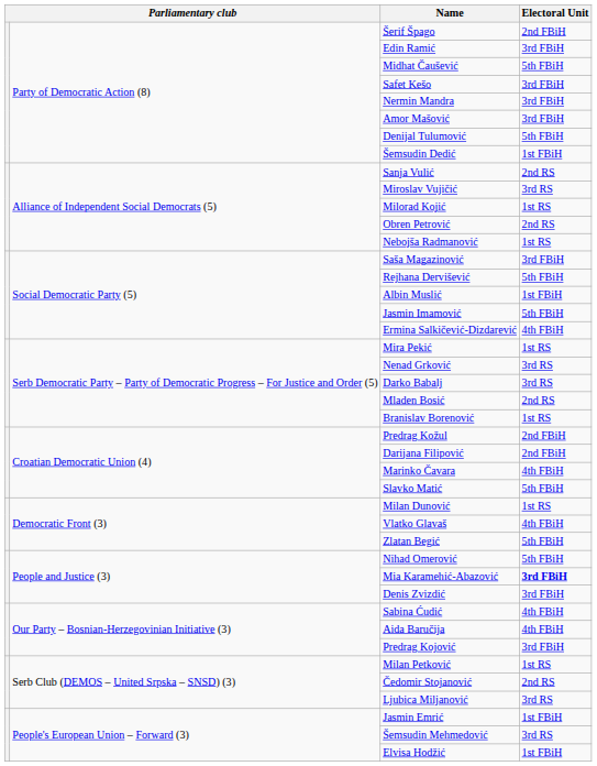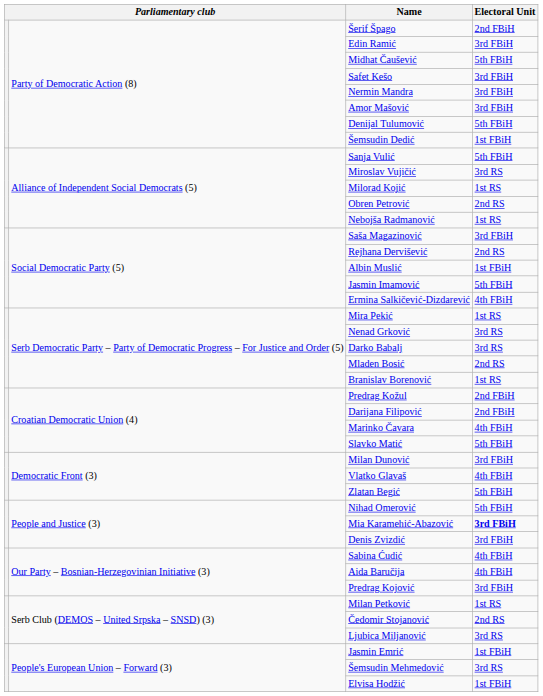 <table class="wikitable">
 <tr>
 <th colspan="2"><em>Parliamentary club</em></th>
 <th>Name</th>
 <th>Electoral Unit</th>
 </tr>
 <tr>
 <th rowspan="8" style="background-color: "></th>
 <td rowspan="8"><a href='#'>Party of Democratic Action</a> (8)</td>
 <td><a href='#'>Šerif Špago</a></td>
 <td><a href='#'>2nd FBiH</a></td>
 </tr>
 <tr>
 <td><a href='#'>Edin Ramić</a></td>
 <td><a href='#'>3rd FBiH</a></td>
 </tr>
 <tr>
 <td><a href='#'>Midhat Čaušević</a></td>
 <td><a href='#'>5th FBiH</a></td>
 </tr>
 <tr>
 <td><a href='#'>Safet Kešo</a></td>
 <td><a href='#'>3rd FBiH</a></td>
 </tr>
 <tr>
 <td><a href='#'>Nermin Mandra</a></td>
 <td><a href='#'>3rd FBiH</a></td>
 </tr>
 <tr>
 <td><a href='#'>Amor Mašović</a></td>
 <td><a href='#'>3rd FBiH</a></td>
 </tr>
 <tr>
 <td><a href='#'>Denijal Tulumović</a></td>
 <td><a href='#'>5th FBiH</a></td>
 </tr>
 <tr>
 <td><a href='#'>Šemsudin Dedić</a></td>
 <td><a href='#'>1st FBiH</a></td>
 </tr>
 <tr>
 <th rowspan="5" style="background-color: "></th>
 <td rowspan="5"><a href='#'>Alliance of Independent Social Democrats</a> (5)</td>
 <td><a href='#'>Sanja Vulić</a></td>
-<td><a href='#'>2nd RS</a></td>
+<td><a href='#'>5th FBiH</a></td>
 </tr>
 <tr>
 <td><a href='#'>Miroslav Vujičić</a></td>
 <td><a href='#'>3rd RS</a></td>
 </tr>
 <tr>
 <td><a href='#'>Milorad Kojić</a></td>
 <td><a href='#'>1st RS</a></td>
 </tr>
 <tr>
 <td><a href='#'>Obren Petrović</a></td>
 <td><a href='#'>2nd RS</a></td>
 </tr>
 <tr>
 <td><a href='#'>Nebojša Radmanović</a></td>
 <td><a href='#'>1st RS</a></td>
 </tr>
 <tr>
 <th rowspan="5" style="background-color: "></th>
 <td rowspan="5"><a href='#'>Social Democratic Party</a> (5)</td>
 <td><a href='#'>Saša Magazinović</a></td>
 <td><a href='#'>3rd FBiH</a></td>
 </tr>
 <tr>
 <td><a href='#'>Rejhana Dervišević</a></td>
-<td><a href='#'>5th FBiH</a></td>
+<td><a href='#'>2nd RS</a></td>
 </tr>
 <tr>
 <td><a href='#'>Albin Muslić</a></td>
 <td><a href='#'>1st FBiH</a></td>
 </tr>
 <tr>
 <td><a href='#'>Jasmin Imamović</a></td>
 <td><a href='#'>5th FBiH</a></td>
 </tr>
 <tr>
 <td><a href='#'>Ermina Salkičević-Dizdarević</a></td>
 <td><a href='#'>4th FBiH</a></td>
 </tr>
 <tr>
 <th rowspan="5" style="background-color: "></th>
 <td rowspan="5"><a href='#'>Serb Democratic Party</a> <em>–</em> <a href='#'>Party of Democratic Progress</a> <em>–</em> <a href='#'>For Justice and Order</a> (5)</td>
 <td><a href='#'>Mira Pekić</a></td>
 <td><a href='#'>1st RS</a></td>
 </tr>
 <tr>
 <td><a href='#'>Nenad Grković</a></td>
 <td><a href='#'>3rd RS</a></td>
 </tr>
 <tr>
 <td><a href='#'>Darko Babalj</a></td>
 <td><a href='#'>3rd RS</a></td>
 </tr>
 <tr>
 <td><a href='#'>Mladen Bosić</a></td>
 <td><a href='#'>2nd RS</a></td>
 </tr>
 <tr>
 <td><a href='#'>Branislav Borenović</a></td>
 <td><a href='#'>1st RS</a></td>
 </tr>
 <tr>
 <th rowspan="4" style="background-color: "></th>
 <td rowspan="4"><a href='#'>Croatian Democratic Union</a> (4)</td>
 <td><a href='#'>Predrag Kožul</a></td>
 <td><a href='#'>2nd FBiH</a></td>
 </tr>
 <tr>
 <td><a href='#'>Darijana Filipović</a></td>
 <td><a href='#'>2nd FBiH</a></td>
 </tr>
 <tr>
 <td><a href='#'>Marinko Čavara</a></td>
 <td><a href='#'>4th FBiH</a></td>
 </tr>
 <tr>
 <td><a href='#'>Slavko Matić</a></td>
 <td><a href='#'>5th FBiH</a></td>
 </tr>
 <tr>
 <th rowspan="3" style="background-color: "></th>
 <td rowspan="3"><a href='#'>Democratic Front</a> (3)</td>
 <td><a href='#'>Milan Dunović</a></td>
-<td><a href='#'>1st RS</a></td>
+<td><a href='#'>3rd FBiH</a></td>
 </tr>
 <tr>
 <td><a href='#'>Vlatko Glavaš</a></td>
 <td><a href='#'>4th FBiH</a></td>
 </tr>
 <tr>
 <td><a href='#'>Zlatan Begić</a></td>
 <td><a href='#'>5th FBiH</a></td>
 </tr>
 <tr>
 <th rowspan="3" style="background-color: "></th>
 <td rowspan="3"><a href='#'>People and Justice</a> (3)</td>
 <td><a href='#'>Nihad Omerović</a></td>
 <td><a href='#'>5th FBiH</a></td>
 </tr>
 <tr>
 <td><a href='#'>Mia Karamehić-Abazović</a></td>
 <td><strong><a href='#'>3rd FBiH</a></strong></td>
 </tr>
 <tr>
 <td><a href='#'>Denis Zvizdić</a></td>
 <td><a href='#'>3rd FBiH</a></td>
 </tr>
 <tr>
 <th rowspan="3" style="background-color: "></th>
 <td rowspan="3"><a href='#'>Our Party</a> <em>–</em> <a href='#'>Bosnian-Herzegovinian Initiative</a> (3)</td>
 <td><a href='#'>Sabina Ćudić</a></td>
 <td><a href='#'>4th FBiH</a></td>
 </tr>
 <tr>
 <td><a href='#'>Aida Baručija</a></td>
 <td><a href='#'>4th FBiH</a></td>
 </tr>
 <tr>
 <td><a href='#'>Predrag Kojović</a></td>
 <td><a href='#'>3rd FBiH</a></td>
 </tr>
 <tr>
 <th rowspan="3" style="background-color: "></th>
 <td rowspan="3">Serb Club (<a href='#'>DEMOS</a> <em>–</em> <a href='#'>United Srpska</a> <em>–</em> <a href='#'>SNSD</a>) (3)</td>
 <td><a href='#'>Milan Petković</a></td>
 <td><a href='#'>1st RS</a></td>
 </tr>
 <tr>
 <td><a href='#'>Čedomir Stojanović</a></td>
 <td><a href='#'>2nd RS</a></td>
 </tr>
 <tr>
 <td><a href='#'>Ljubica Miljanović</a></td>
 <td><a href='#'>3rd RS</a></td>
 </tr>
 <tr>
 <th rowspan="3" style="background-color: "></th>
 <td rowspan="3"><a href='#'>People's European Union</a> <em>–</em> <a href='#'>Forward</a> (3)</td>
 <td><a href='#'>Jasmin Emrić</a></td>
 <td><a href='#'>1st FBiH</a></td>
 </tr>
 <tr>
 <td><a href='#'>Šemsudin Mehmedović</a></td>
 <td><a href='#'>3rd RS</a></td>
 </tr>
 <tr>
 <td><a href='#'>Elvisa Hodžić</a></td>
 <td><a href='#'>1st FBiH</a></td>
 </tr>
 </table>
